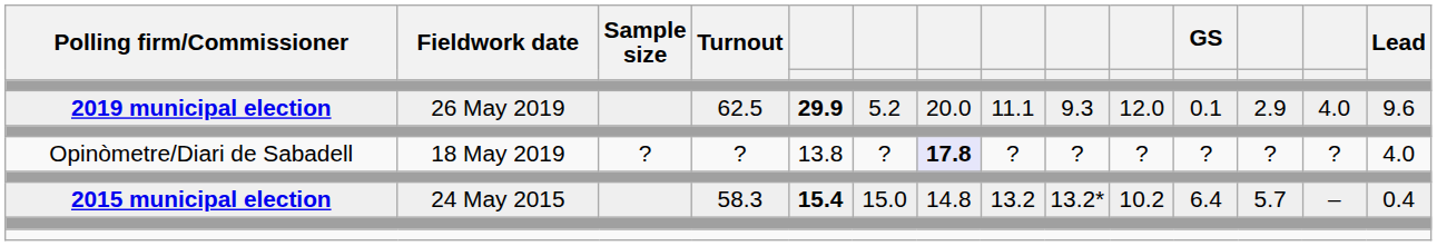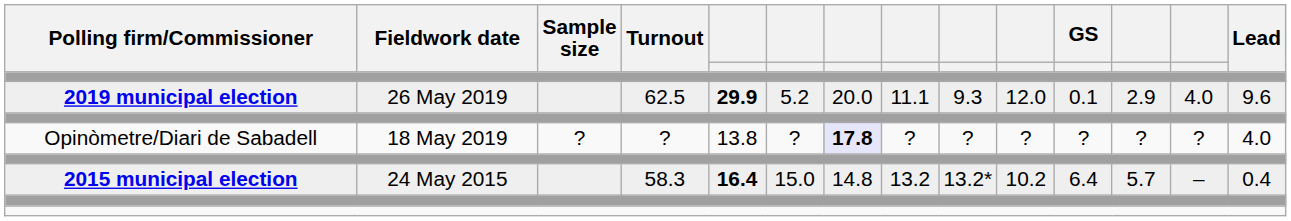 <table class="wikitable collapsible collapsed" style="text-align:center; font-size:95%; line-height:16px;">
 <tr style="height:42px;">
 <th style="width:250px;" rowspan="2">Polling firm/Commissioner</th>
 <th style="width:125px;" rowspan="2">Fieldwork date</th>
 <th style="width:50px;" rowspan="2">Sample size</th>
 <th style="width:45px;" rowspan="2">Turnout</th>
 <th style="width:35px;"></th>
 <th style="width:35px;"></th>
 <th style="width:35px;"></th>
 <th style="width:35px;"></th>
 <th style="width:35px;"></th>
 <th style="width:35px;"></th>
 <th style="width:35px;">GS</th>
 <th style="width:35px;"></th>
 <th style="width:35px;"></th>
 <th style="width:30px;" rowspan="2">Lead</th>
 </tr>
 <tr>
 <th style="color:inherit;background:"></th>
 <th style="color:inherit;background:"></th>
 <th style="color:inherit;background:"></th>
 <th style="color:inherit;background:"></th>
 <th style="color:inherit;background:"></th>
 <th style="color:inherit;background:"></th>
 <th style="color:inherit;background:"></th>
 <th style="color:inherit;background:"></th>
 <th style="color:inherit;background:"></th>
 </tr>
 <tr>
 <td colspan="14" style="background:#A0A0A0"></td>
 </tr>
 <tr style="background:#EFEFEF;">
 <td><strong><a href='#'>2019 municipal election</a></strong></td>
 <td>26 May 2019</td>
 <td></td>
 <td>62.5</td>
 <td><strong>29.9</strong><br></td>
 <td>5.2<br></td>
 <td>20.0<br></td>
 <td>11.1<br></td>
 <td>9.3<br></td>
 <td>12.0<br></td>
 <td>0.1<br></td>
 <td>2.9<br></td>
 <td>4.0<br></td>
 <td style="background:">9.6</td>
 </tr>
 <tr>
 <td colspan="14" style="background:#A0A0A0"></td>
 </tr>
 <tr>
 <td>Opinòmetre/Diari de Sabadell</td>
 <td>18 May 2019</td>
 <td>?</td>
 <td>?</td>
 <td>13.8<br></td>
 <td>?<br></td>
 <td style="background: lavender;"><strong>17.8</strong><br></td>
 <td>?<br></td>
 <td>?<br></td>
 <td>?<br></td>
 <td>?<br></td>
 <td>?<br></td>
 <td>?<br></td>
 <td style="background:">4.0</td>
 </tr>
 <tr>
 <td colspan="14" style="background:#A0A0A0"></td>
 </tr>
 <tr style="background:#EFEFEF;">
 <td><strong><a href='#'>2015 municipal election</a></strong></td>
 <td>24 May 2015</td>
 <td></td>
 <td>58.3</td>
-<td><strong>15.4</strong><br></td>
+<td><strong>16.4</strong><br></td>
 <td>15.0<br></td>
 <td>14.8<br></td>
 <td>13.2<br></td>
 <td>13.2*<br></td>
 <td>10.2<br></td>
 <td>6.4<br></td>
 <td>5.7<br></td>
 <td>–</td>
 <td style="background:">0.4</td>
 </tr>
 <tr>
 <td colspan="14" style="background:#A0A0A0"></td>
 </tr>
 <tr>
 <td align="left" colspan="14"></td>
 </tr>
 </table>
